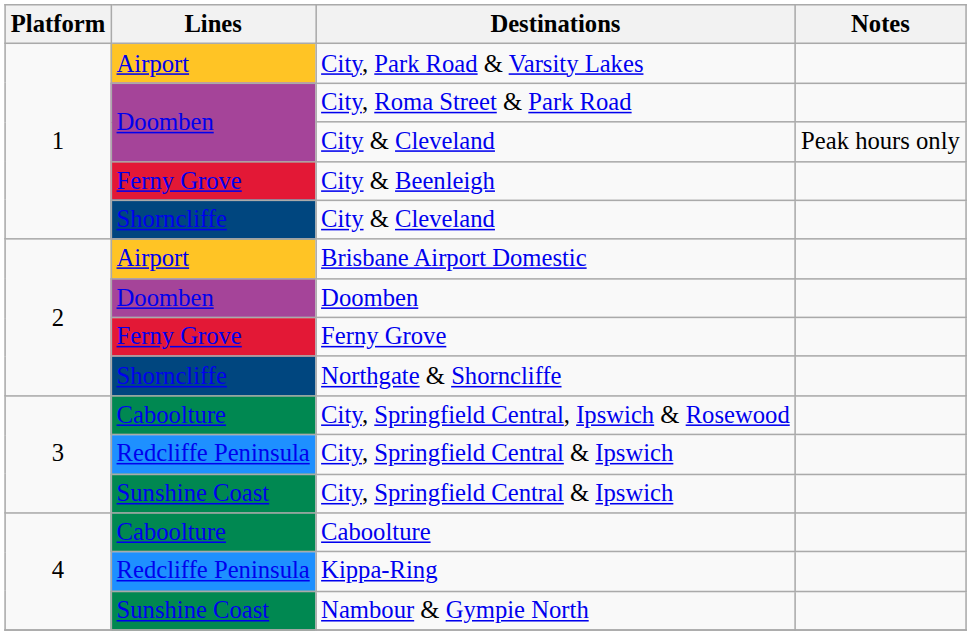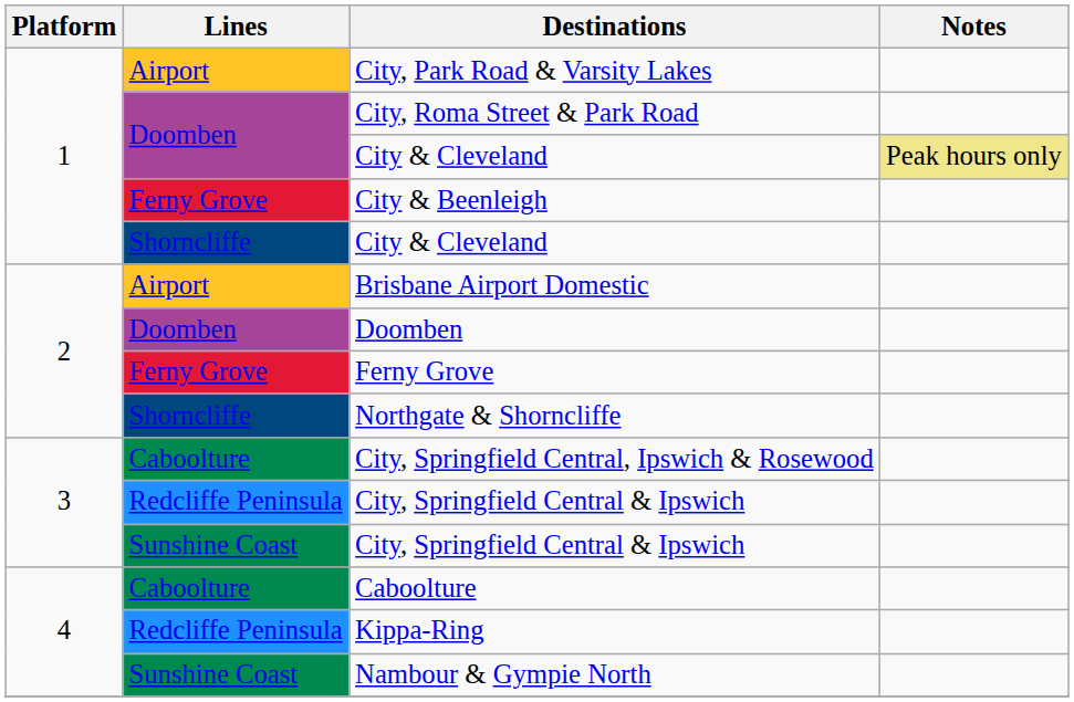 <table class="wikitable" style="float: none; margin: 0.5em; ">
 <tr>
 <th>Platform</th>
 <th>Lines</th>
 <th>Destinations</th>
 <th>Notes</th>
 </tr>
 <tr>
 <td rowspan="5" style="text-align:center;">1</td>
 <td style=background:#FFC425><a href='#'><span>Airport</span></a></td>
 <td><a href='#'>City</a>, <a href='#'>Park Road</a> & <a href='#'>Varsity Lakes</a></td>
 <td></td>
 </tr>
 <tr>
 <td rowspan="2" style=background:#A54499><a href='#'><span>Doomben</span></a></td>
 <td><a href='#'>City</a>, <a href='#'>Roma Street</a> & <a href='#'>Park Road</a></td>
 <td></td>
 </tr>
 <tr>
 <td><a href='#'>City</a> & <a href='#'>Cleveland</a></td>
-<td>Peak hours only</td>
+<td style="background: khaki;">Peak hours only</td>
 </tr>
 <tr>
 <td style=background:#E31836><a href='#'><span>Ferny Grove</span></a></td>
 <td><a href='#'>City</a> & <a href='#'>Beenleigh</a></td>
 <td></td>
 </tr>
 <tr>
 <td style=background:#00467f><a href='#'><span>Shorncliffe</span></a></td>
 <td><a href='#'>City</a> & <a href='#'>Cleveland</a></td>
 <td></td>
 </tr>
 <tr>
 <td rowspan="4" style="text-align:center;">2</td>
 <td style=background:#FFC425><a href='#'><span>Airport</span></a></td>
 <td><a href='#'>Brisbane Airport Domestic</a></td>
 <td></td>
 </tr>
 <tr>
 <td style=background:#A54499><a href='#'><span>Doomben</span></a></td>
 <td><a href='#'>Doomben</a></td>
 <td></td>
 </tr>
 <tr>
 <td style=background:#E31836><a href='#'><span>Ferny Grove</span></a></td>
 <td><a href='#'>Ferny Grove</a></td>
 <td></td>
 </tr>
 <tr>
 <td style=background:#00467f><a href='#'><span>Shorncliffe</span></a></td>
 <td><a href='#'>Northgate</a> & <a href='#'>Shorncliffe</a></td>
 <td></td>
 </tr>
 <tr>
 <td rowspan="3" style="text-align:center;">3</td>
 <td style=background:#008851><a href='#'><span>Caboolture</span></a></td>
 <td><a href='#'>City</a>, <a href='#'>Springfield Central</a>, <a href='#'>Ipswich</a> & <a href='#'>Rosewood</a></td>
 <td></td>
 </tr>
 <tr>
 <td style=background:#1e90ff><a href='#'><span>Redcliffe Peninsula</span></a></td>
 <td><a href='#'>City</a>, <a href='#'>Springfield Central</a> & <a href='#'>Ipswich</a></td>
 <td></td>
 </tr>
 <tr>
 <td style=background:#008851><a href='#'><span>Sunshine Coast</span></a></td>
 <td><a href='#'>City</a>, <a href='#'>Springfield Central</a> & <a href='#'>Ipswich</a></td>
 <td></td>
 </tr>
 <tr>
 <td rowspan="3" style="text-align:center;">4</td>
 <td style=background:#008851><a href='#'><span>Caboolture</span></a></td>
 <td><a href='#'>Caboolture</a></td>
 <td></td>
 </tr>
 <tr>
 <td style=background:#1e90ff><a href='#'><span>Redcliffe Peninsula</span></a></td>
 <td><a href='#'>Kippa-Ring</a></td>
 <td></td>
 </tr>
 <tr>
 <td style=background:#008851><a href='#'><span>Sunshine Coast</span></a></td>
 <td><a href='#'>Nambour</a> & <a href='#'>Gympie North</a></td>
 <td></td>
 </tr>
 <tr>
 </tr>
 </table>
